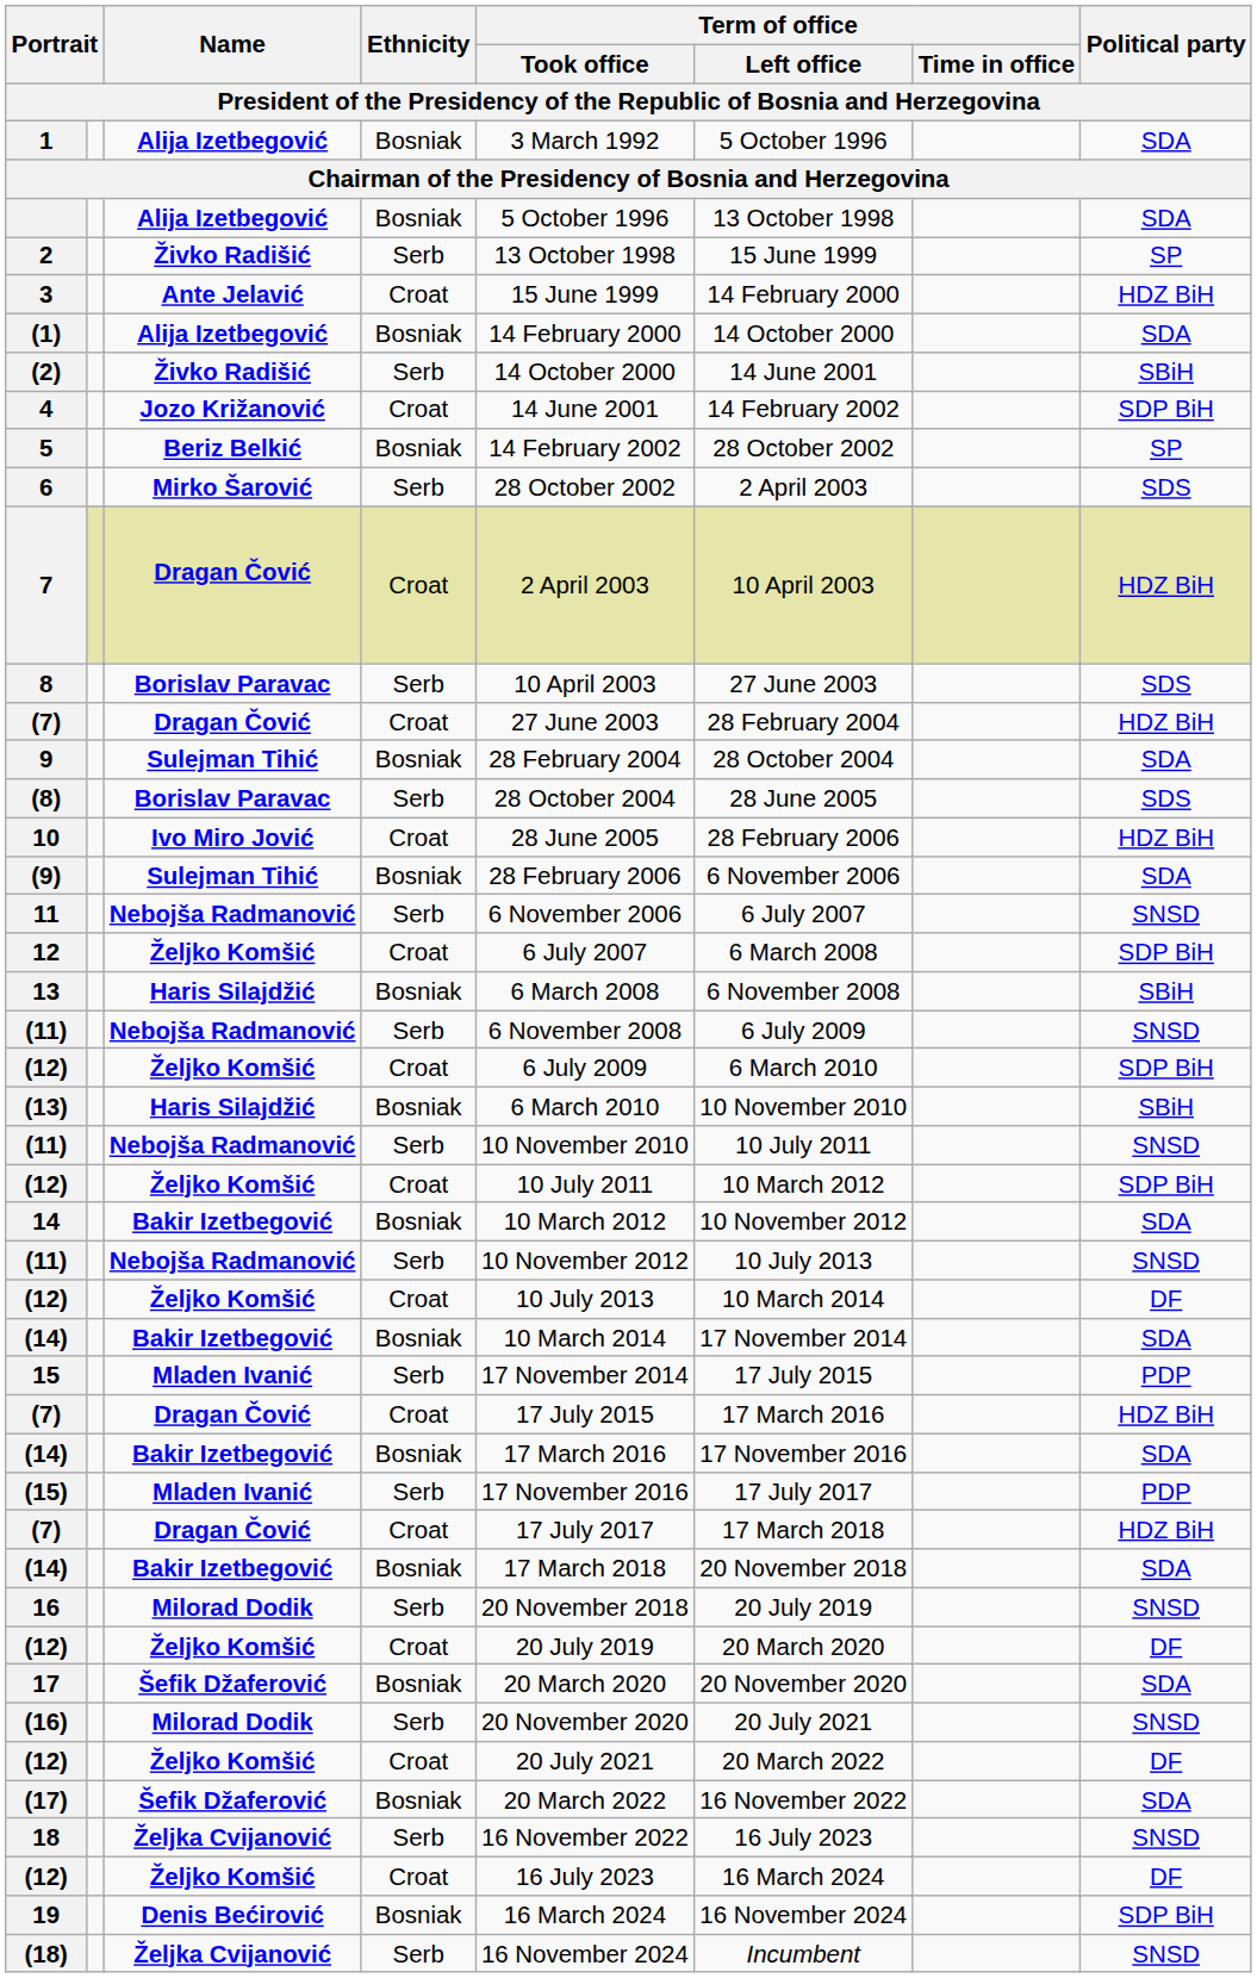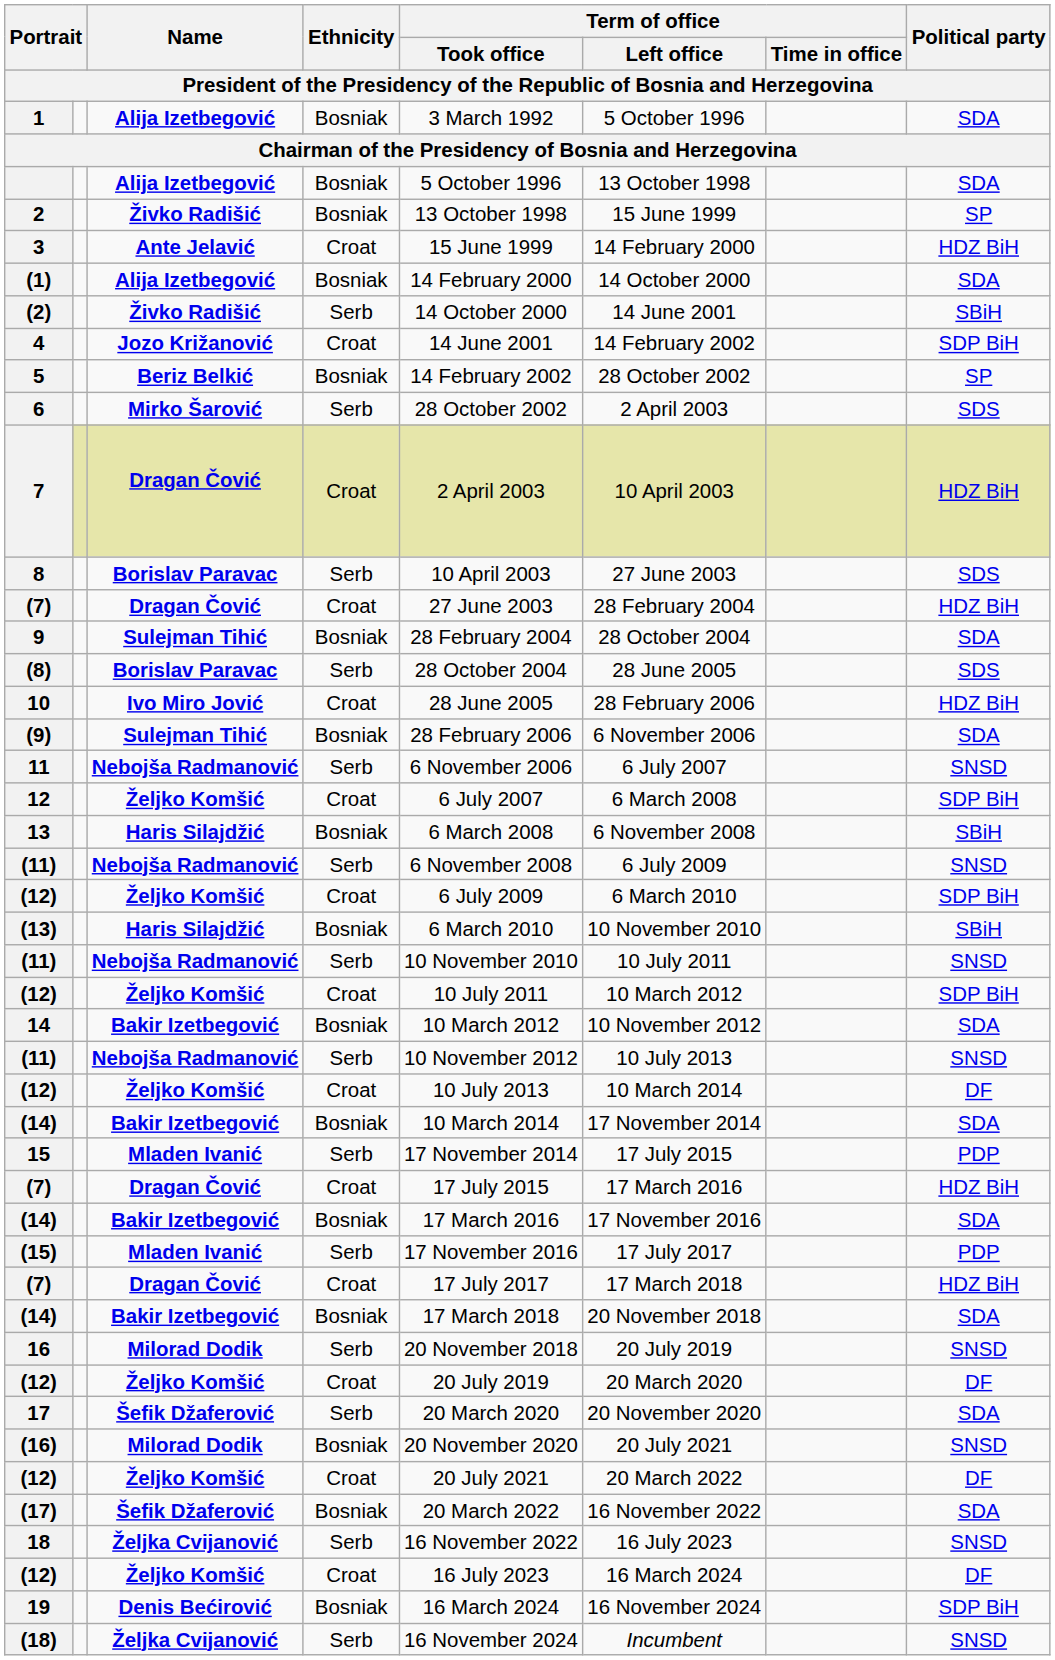 <table class="wikitable sortable" style="text-align: center;font-size:90%; border:1px #AAAAFF solid">
 <tr>
 <th rowspan=2 colspan=2>Portrait</th>
 <th rowspan=2>Name<br></th>
 <th rowspan=2>Ethnicity</th>
 <th colspan=3>Term of office</th>
 <th rowspan=2>Political party</th>
 </tr>
 <tr>
 <th>Took office</th>
 <th>Left office</th>
 <th>Time in office</th>
 </tr>
 <tr>
 <th colspan=8>President of the Presidency of the Republic of Bosnia and Herzegovina</th>
 </tr>
 <tr>
 <th style="background:">1</th>
 <td></td>
 <td><strong><a href='#'>Alija Izetbegović</a></strong><br></td>
 <td>Bosniak</td>
 <td>3 March 1992</td>
 <td>5 October 1996</td>
 <td></td>
 <td><a href='#'>SDA</a></td>
 </tr>
 <tr>
 <th colspan=8>Chairman of the Presidency of Bosnia and Herzegovina</th>
 </tr>
 <tr>
 <th style="background:"></th>
 <td></td>
 <td><strong><a href='#'>Alija Izetbegović</a></strong><br></td>
 <td>Bosniak</td>
 <td>5 October 1996</td>
 <td>13 October 1998</td>
 <td></td>
 <td><a href='#'>SDA</a></td>
 </tr>
 <tr>
 <th style="background:">2</th>
 <td></td>
 <td><strong><a href='#'>Živko Radišić</a></strong><br></td>
-<td>Serb</td>
+<td>Bosniak</td>
 <td>13 October 1998</td>
 <td>15 June 1999</td>
 <td></td>
 <td><a href='#'>SP</a></td>
 </tr>
 <tr>
 <th style="background:">3</th>
 <td></td>
 <td><strong><a href='#'>Ante Jelavić</a></strong><br></td>
 <td>Croat</td>
 <td>15 June 1999</td>
 <td>14 February 2000</td>
 <td></td>
 <td><a href='#'>HDZ BiH</a></td>
 </tr>
 <tr>
 <th style="background:">(1)</th>
 <td></td>
 <td><strong><a href='#'>Alija Izetbegović</a></strong><br></td>
 <td>Bosniak</td>
 <td>14 February 2000</td>
 <td>14 October 2000</td>
 <td></td>
 <td><a href='#'>SDA</a></td>
 </tr>
 <tr>
 <th style="background:">(2)</th>
 <td></td>
 <td><strong><a href='#'>Živko Radišić</a></strong><br></td>
 <td>Serb</td>
 <td>14 October 2000</td>
 <td>14 June 2001</td>
 <td></td>
 <td><a href='#'>SBiH</a></td>
 </tr>
 <tr>
 <th style="background:">4</th>
 <td></td>
 <td><strong><a href='#'>Jozo Križanović</a></strong><br></td>
 <td>Croat</td>
 <td>14 June 2001</td>
 <td>14 February 2002</td>
 <td></td>
 <td><a href='#'>SDP BiH</a></td>
 </tr>
 <tr>
 <th style="background:">5</th>
 <td></td>
 <td><strong><a href='#'>Beriz Belkić</a></strong><br></td>
 <td>Bosniak</td>
 <td>14 February 2002</td>
 <td>28 October 2002</td>
 <td></td>
 <td><a href='#'>SP</a></td>
 </tr>
 <tr>
 <th style="background:">6</th>
 <td></td>
 <td><strong><a href='#'>Mirko Šarović</a></strong><br></td>
 <td>Serb</td>
 <td>28 October 2002</td>
 <td>2 April 2003</td>
 <td></td>
 <td><a href='#'>SDS</a></td>
 </tr>
 <tr>
 <th style="background:">7</th>
 <td style="height:6em; background-color:#E6E6AA;"></td>
 <td style="height:6em; background-color:#E6E6AA;"><strong><a href='#'>Dragan Čović</a></strong><br><br></td>
 <td style="height:6em; background-color:#E6E6AA;">Croat</td>
 <td style="height:6em; background-color:#E6E6AA;">2 April 2003</td>
 <td style="height:6em; background-color:#E6E6AA;">10 April 2003</td>
 <td style="height:6em; background-color:#E6E6AA;"></td>
 <td style="height:6em; background-color:#E6E6AA;"><a href='#'>HDZ BiH</a></td>
 </tr>
 <tr>
 <th style="background:">8</th>
 <td></td>
 <td><strong><a href='#'>Borislav Paravac</a></strong><br></td>
 <td>Serb</td>
 <td>10 April 2003</td>
 <td>27 June 2003</td>
 <td></td>
 <td><a href='#'>SDS</a></td>
 </tr>
 <tr>
 <th style="background:">(7)</th>
 <td></td>
 <td><strong><a href='#'>Dragan Čović</a></strong><br></td>
 <td>Croat</td>
 <td>27 June 2003</td>
 <td>28 February 2004</td>
 <td></td>
 <td><a href='#'>HDZ BiH</a></td>
 </tr>
 <tr>
 <th style="background:">9</th>
 <td></td>
 <td><strong><a href='#'>Sulejman Tihić</a></strong><br></td>
 <td>Bosniak</td>
 <td>28 February 2004</td>
 <td>28 October 2004</td>
 <td></td>
 <td><a href='#'>SDA</a></td>
 </tr>
 <tr>
 <th style="background:">(8)</th>
 <td></td>
 <td><strong><a href='#'>Borislav Paravac</a></strong><br></td>
 <td>Serb</td>
 <td>28 October 2004</td>
 <td>28 June 2005</td>
 <td></td>
 <td><a href='#'>SDS</a></td>
 </tr>
 <tr>
 <th style="background:">10</th>
 <td></td>
 <td><strong><a href='#'>Ivo Miro Jović</a></strong><br></td>
 <td>Croat</td>
 <td>28 June 2005</td>
 <td>28 February 2006</td>
 <td></td>
 <td><a href='#'>HDZ BiH</a></td>
 </tr>
 <tr>
 <th style="background:">(9)</th>
 <td></td>
 <td><strong><a href='#'>Sulejman Tihić</a></strong><br></td>
 <td>Bosniak</td>
 <td>28 February 2006</td>
 <td>6 November 2006</td>
 <td></td>
 <td><a href='#'>SDA</a></td>
 </tr>
 <tr>
 <th style="background:">11</th>
 <td></td>
 <td><strong><a href='#'>Nebojša Radmanović</a></strong><br></td>
 <td>Serb</td>
 <td>6 November 2006</td>
 <td>6 July 2007</td>
 <td></td>
 <td><a href='#'>SNSD</a></td>
 </tr>
 <tr>
 <th style="background:">12</th>
 <td></td>
 <td><strong><a href='#'>Željko Komšić</a></strong><br></td>
 <td>Croat</td>
 <td>6 July 2007</td>
 <td>6 March 2008</td>
 <td></td>
 <td><a href='#'>SDP BiH</a></td>
 </tr>
 <tr>
 <th style="background:">13</th>
 <td></td>
 <td><strong><a href='#'>Haris Silajdžić</a></strong><br></td>
 <td>Bosniak</td>
 <td>6 March 2008</td>
 <td>6 November 2008</td>
 <td></td>
 <td><a href='#'>SBiH</a></td>
 </tr>
 <tr>
 <th style="background:">(11)</th>
 <td></td>
 <td><strong><a href='#'>Nebojša Radmanović</a></strong><br></td>
 <td>Serb</td>
 <td>6 November 2008</td>
 <td>6 July 2009</td>
 <td></td>
 <td><a href='#'>SNSD</a></td>
 </tr>
 <tr>
 <th style="background:">(12)</th>
 <td></td>
 <td><strong><a href='#'>Željko Komšić</a></strong><br></td>
 <td>Croat</td>
 <td>6 July 2009</td>
 <td>6 March 2010</td>
 <td></td>
 <td><a href='#'>SDP BiH</a></td>
 </tr>
 <tr>
 <th style="background:">(13)</th>
 <td></td>
 <td><strong><a href='#'>Haris Silajdžić</a></strong><br></td>
 <td>Bosniak</td>
 <td>6 March 2010</td>
 <td>10 November 2010</td>
 <td></td>
 <td><a href='#'>SBiH</a></td>
 </tr>
 <tr>
 <th style="background:">(11)</th>
 <td></td>
 <td><strong><a href='#'>Nebojša Radmanović</a></strong><br></td>
 <td>Serb</td>
 <td>10 November 2010</td>
 <td>10 July 2011</td>
 <td></td>
 <td><a href='#'>SNSD</a></td>
 </tr>
 <tr>
 <th style="background:">(12)</th>
 <td></td>
 <td><strong><a href='#'>Željko Komšić</a></strong><br></td>
 <td>Croat</td>
 <td>10 July 2011</td>
 <td>10 March 2012</td>
 <td></td>
 <td><a href='#'>SDP BiH</a></td>
 </tr>
 <tr>
 <th style="background:">14</th>
 <td></td>
 <td><strong><a href='#'>Bakir Izetbegović</a></strong><br></td>
 <td>Bosniak</td>
 <td>10 March 2012</td>
 <td>10 November 2012</td>
 <td></td>
 <td><a href='#'>SDA</a></td>
 </tr>
 <tr>
 <th style="background:">(11)</th>
 <td></td>
 <td><strong><a href='#'>Nebojša Radmanović</a></strong><br></td>
 <td>Serb</td>
 <td>10 November 2012</td>
 <td>10 July 2013</td>
 <td></td>
 <td><a href='#'>SNSD</a></td>
 </tr>
 <tr>
 <th style="background:">(12)</th>
 <td></td>
 <td><strong><a href='#'>Željko Komšić</a></strong><br></td>
 <td>Croat</td>
 <td>10 July 2013</td>
 <td>10 March 2014</td>
 <td></td>
 <td><a href='#'>DF</a></td>
 </tr>
 <tr>
 <th style="background:">(14)</th>
 <td></td>
 <td><strong><a href='#'>Bakir Izetbegović</a></strong><br></td>
 <td>Bosniak</td>
 <td>10 March 2014</td>
 <td>17 November 2014</td>
 <td></td>
 <td><a href='#'>SDA</a></td>
 </tr>
 <tr>
 <th style="background:">15</th>
 <td></td>
 <td><strong><a href='#'>Mladen Ivanić</a></strong><br></td>
 <td>Serb</td>
 <td>17 November 2014</td>
 <td>17 July 2015</td>
 <td></td>
 <td><a href='#'>PDP</a></td>
 </tr>
 <tr>
 <th style="background:">(7)</th>
 <td></td>
 <td><strong><a href='#'>Dragan Čović</a></strong><br></td>
 <td>Croat</td>
 <td>17 July 2015</td>
 <td>17 March 2016</td>
 <td></td>
 <td><a href='#'>HDZ BiH</a></td>
 </tr>
 <tr>
 <th style="background:">(14)</th>
 <td></td>
 <td><strong><a href='#'>Bakir Izetbegović</a></strong><br></td>
 <td>Bosniak</td>
 <td>17 March 2016</td>
 <td>17 November 2016</td>
 <td></td>
 <td><a href='#'>SDA</a></td>
 </tr>
 <tr>
 <th style="background:">(15)</th>
 <td></td>
 <td><strong><a href='#'>Mladen Ivanić</a></strong><br></td>
 <td>Serb</td>
 <td>17 November 2016</td>
 <td>17 July 2017</td>
 <td></td>
 <td><a href='#'>PDP</a></td>
 </tr>
 <tr>
 <th style="background:">(7)</th>
 <td></td>
 <td><strong><a href='#'>Dragan Čović</a></strong><br></td>
 <td>Croat</td>
 <td>17 July 2017</td>
 <td>17 March 2018</td>
 <td></td>
 <td><a href='#'>HDZ BiH</a></td>
 </tr>
 <tr>
 <th style="background:">(14)</th>
 <td></td>
 <td><strong><a href='#'>Bakir Izetbegović</a></strong><br></td>
 <td>Bosniak</td>
 <td>17 March 2018</td>
 <td>20 November 2018</td>
 <td></td>
 <td><a href='#'>SDA</a></td>
 </tr>
 <tr>
 <th style="background:">16</th>
 <td></td>
 <td><strong><a href='#'>Milorad Dodik</a></strong><br></td>
 <td>Serb</td>
 <td>20 November 2018</td>
 <td>20 July 2019</td>
 <td></td>
 <td><a href='#'>SNSD</a></td>
 </tr>
 <tr>
 <th style="background:">(12)</th>
 <td></td>
 <td><strong><a href='#'>Željko Komšić</a></strong><br></td>
 <td>Croat</td>
 <td>20 July 2019</td>
 <td>20 March 2020</td>
 <td></td>
 <td><a href='#'>DF</a></td>
 </tr>
 <tr>
 <th style="background:">17</th>
 <td></td>
 <td><strong><a href='#'>Šefik Džaferović</a></strong><br></td>
-<td>Bosniak</td>
+<td>Serb</td>
 <td>20 March 2020</td>
 <td>20 November 2020</td>
 <td></td>
 <td><a href='#'>SDA</a></td>
 </tr>
 <tr>
 <th style="background:">(16)</th>
 <td></td>
 <td><strong><a href='#'>Milorad Dodik</a></strong><br></td>
-<td>Serb</td>
+<td>Bosniak</td>
 <td>20 November 2020</td>
 <td>20 July 2021</td>
 <td></td>
 <td><a href='#'>SNSD</a></td>
 </tr>
 <tr>
 <th style="background:">(12)</th>
 <td></td>
 <td><strong><a href='#'>Željko Komšić</a></strong><br></td>
 <td>Croat</td>
 <td>20 July 2021</td>
 <td>20 March 2022</td>
 <td></td>
 <td><a href='#'>DF</a></td>
 </tr>
 <tr>
 <th style="background:">(17)</th>
 <td></td>
 <td><strong><a href='#'>Šefik Džaferović</a></strong><br></td>
 <td>Bosniak</td>
 <td>20 March 2022</td>
 <td>16 November 2022</td>
 <td></td>
 <td><a href='#'>SDA</a></td>
 </tr>
 <tr>
 <th style="background:">18</th>
 <td></td>
 <td><strong><a href='#'>Željka Cvijanović</a></strong><br></td>
 <td>Serb</td>
 <td>16 November 2022</td>
 <td>16 July 2023</td>
 <td></td>
 <td><a href='#'>SNSD</a></td>
 </tr>
 <tr>
 <th style="background:">(12)</th>
 <td></td>
 <td><strong><a href='#'>Željko Komšić</a></strong><br></td>
 <td>Croat</td>
 <td>16 July 2023</td>
 <td>16 March 2024</td>
 <td></td>
 <td><a href='#'>DF</a></td>
 </tr>
 <tr>
 <th style="background:">19</th>
 <td></td>
 <td><strong><a href='#'>Denis Bećirović</a></strong><br></td>
 <td>Bosniak</td>
 <td>16 March 2024</td>
 <td>16 November 2024</td>
 <td></td>
 <td><a href='#'>SDP BiH</a></td>
 </tr>
 <tr>
 <th style="background:">(18)</th>
 <td></td>
 <td><strong><a href='#'>Željka Cvijanović</a></strong><br></td>
 <td>Serb</td>
 <td>16 November 2024</td>
 <td><em>Incumbent</em></td>
 <td></td>
 <td><a href='#'>SNSD</a></td>
 </tr>
 </table>
